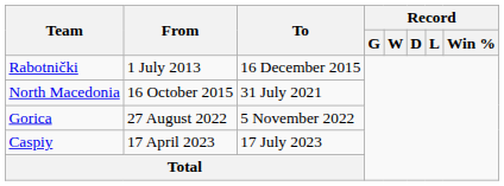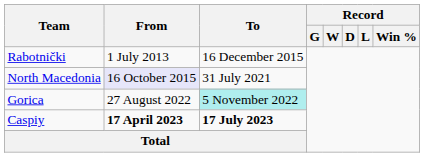 <table class="wikitable" style="text-align:center">
 <tr>
 <th rowspan="2">Team</th>
 <th rowspan="2">From</th>
 <th rowspan="2">To</th>
 <th colspan="5">Record</th>
 </tr>
 <tr>
 <th>G</th>
 <th>W</th>
 <th>D</th>
 <th>L</th>
 <th>Win %</th>
 </tr>
 <tr>
 <td align=left><a href='#'>Rabotnički</a></td>
 <td align=left>1 July 2013</td>
 <td align=left>16 December 2015<br></td>
 </tr>
 <tr>
 <td align=left><a href='#'>North Macedonia</a></td>
-<td align=left>16 October 2015</td>
+<td align=left style="background: lavender;">16 October 2015</td>
 <td align=left>31 July 2021<br></td>
 </tr>
 <tr>
 <td align=left><a href='#'>Gorica</a></td>
 <td align=left>27 August 2022</td>
-<td align=left>5 November 2022<br></td>
+<td align=left style="background: paleturquoise;">5 November 2022<br></td>
 </tr>
 <tr>
 <td align=left><a href='#'>Caspiy</a></td>
-<td align=left>17 April 2023</td>
-<td align=left>17 July 2023<br></td>
+<td align=left><strong>17 April 2023</strong></td>
+<td align=left><strong>17 July 2023<br></strong></td>
 </tr>
 <tr>
 <th colspan="3">Total<br></th>
 </tr>
 </table>
